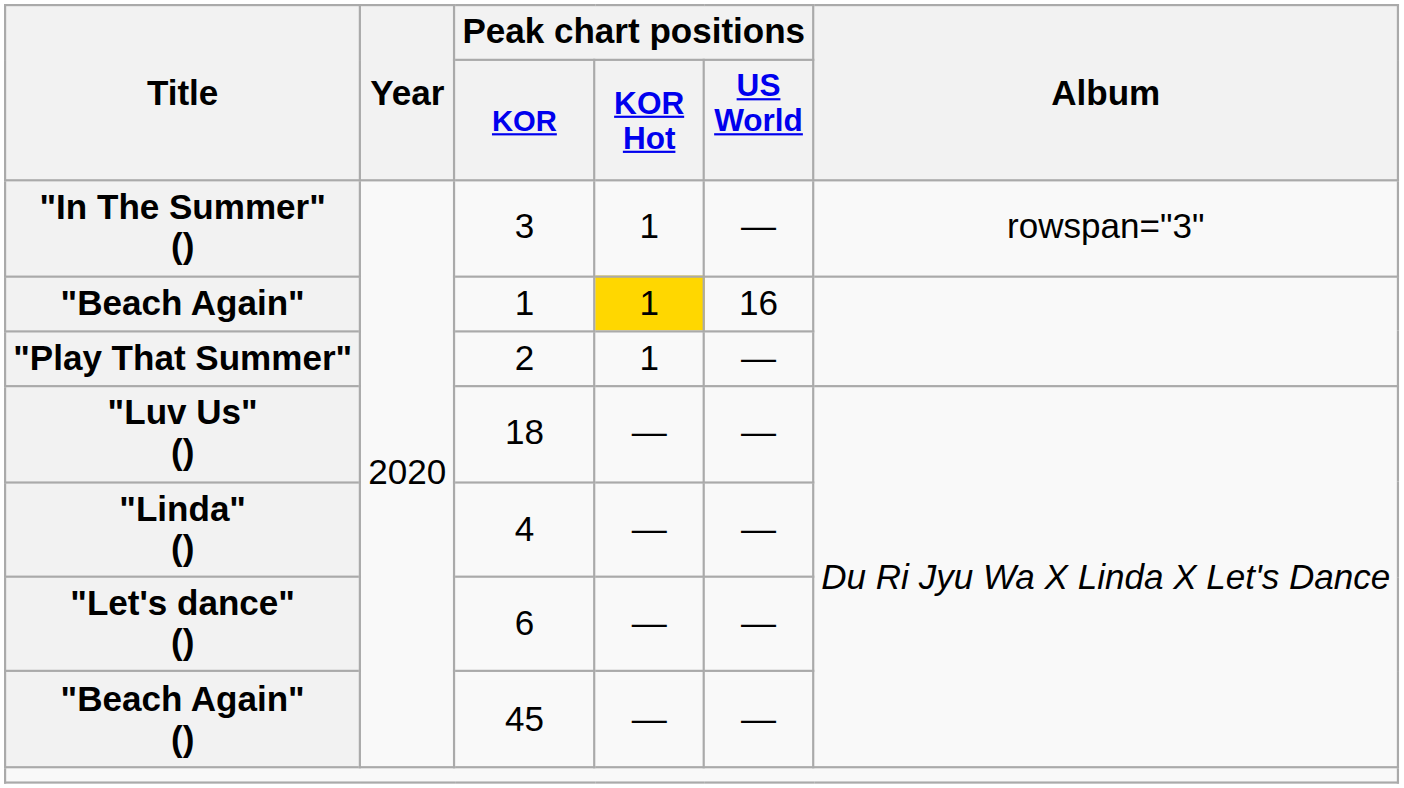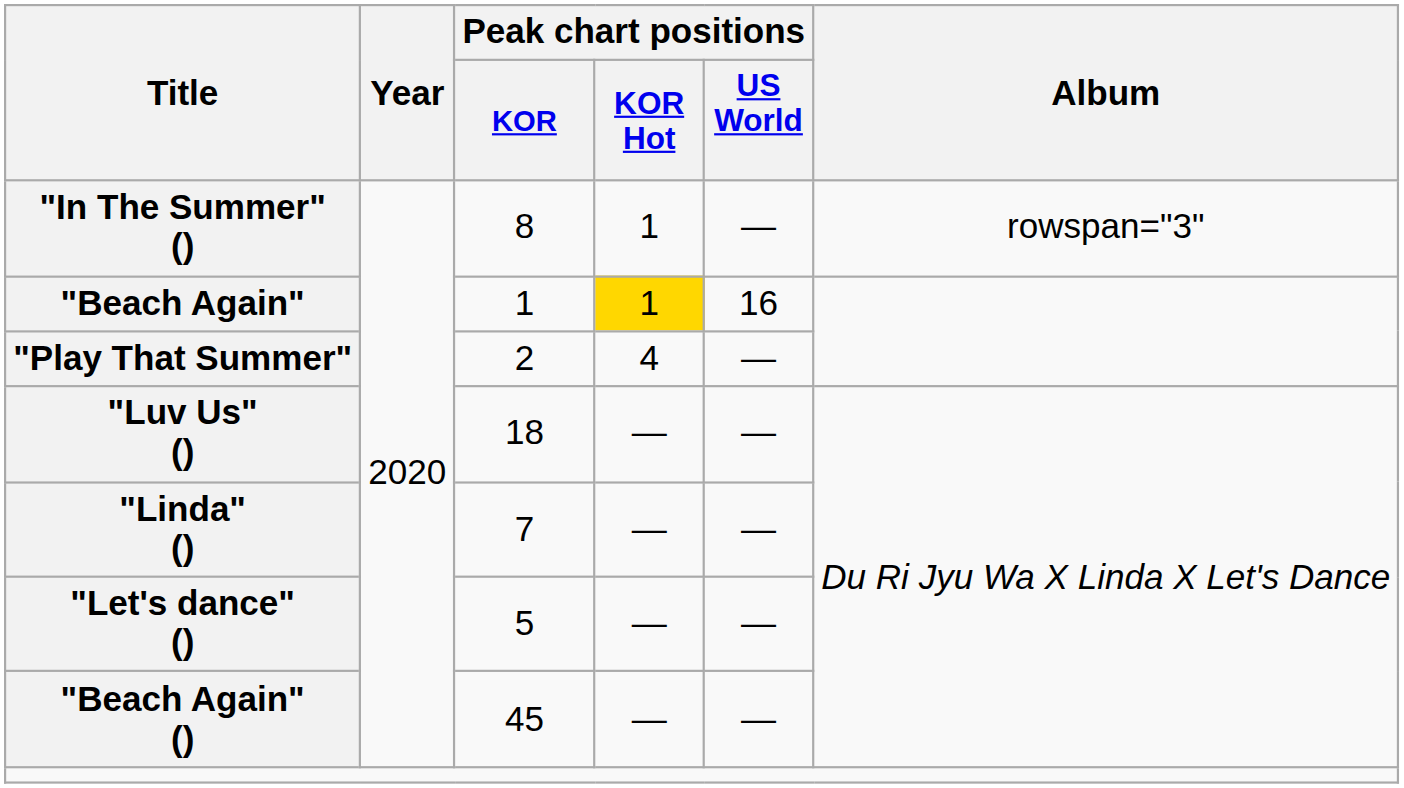 <table class="wikitable plainrowheaders" style="text-align:center;">
 <tr>
 <th scope="col" rowspan="2">Title</th>
 <th scope="col" rowspan="2">Year</th>
 <th scope="col" colspan="3">Peak chart positions</th>
 <th scope="col" rowspan="2">Album</th>
 </tr>
 <tr>
 <th><small><a href='#'>KOR</a></small><br></th>
 <th scope="col" style="width:3em;font-size:90%;"><a href='#'>KOR<br>Hot</a><br></th>
 <th scope="col" style="width:3em;font-size:90%;"><a href='#'>US World</a><br><br></th>
 </tr>
 <tr>
 <th scope="row">"In The Summer" <br>()</th>
 <td rowspan="7">2020</td>
-<td>3</td>
+<td>8</td>
 <td>1</td>
 <td>—</td>
 <td>rowspan="3" </td>
 </tr>
 <tr>
 <th scope="row">"Beach Again" </th>
 <td>1</td>
 <td style="background: gold;">1</td>
 <td>16</td>
 </tr>
 <tr>
 <th scope="row">"Play That Summer" </th>
 <td>2</td>
-<td>1</td>
+<td>4</td>
 <td>—</td>
 </tr>
 <tr>
 <th scope="row">"Luv Us" <br>()</th>
 <td>18</td>
 <td>—</td>
 <td>—</td>
 <td rowspan="4"><em>Du Ri Jyu Wa X Linda X Let's Dance</em></td>
 </tr>
 <tr>
 <th scope="row">"Linda"<br>()</th>
-<td>4</td>
+<td>7</td>
 <td>—</td>
 <td>—</td>
 </tr>
 <tr>
 <th scope="row">"Let's dance" <br>()</th>
-<td>6</td>
+<td>5</td>
 <td>—</td>
 <td>—</td>
 </tr>
 <tr>
 <th scope="row">"Beach Again" <br>()</th>
 <td>45</td>
 <td>—</td>
 <td>—</td>
 </tr>
 <tr>
 <td colspan="6"></td>
 </tr>
 </table>
